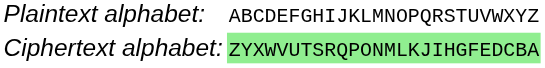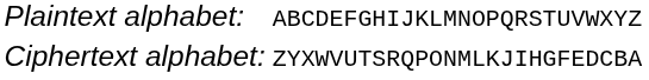 <table>
 <tr>
 <td><em>Plaintext alphabet:</em></td>
 <td><code>ABCDEFGHIJKLMNOPQRSTUVWXYZ</code></td>
 </tr>
 <tr>
 <td><em>Ciphertext alphabet:</em></td>
-<td style="background: lightgreen;"><code>ZYXWVUTSRQPONMLKJIHGFEDCBA</code></td>
+<td><code>ZYXWVUTSRQPONMLKJIHGFEDCBA</code></td>
 </tr>
 </table>
